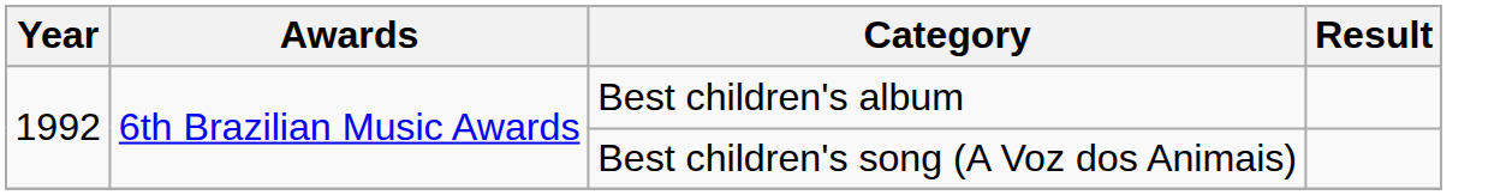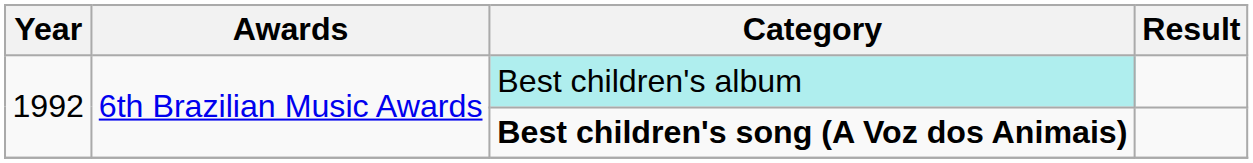 <table class="wikitable">
 <tr>
 <th>Year</th>
 <th>Awards</th>
 <th>Category</th>
 <th>Result</th>
 </tr>
 <tr>
 <td rowspan="2">1992</td>
 <td rowspan="2"><a href='#'>6th Brazilian Music Awards</a></td>
-<td>Best children's album</td>
+<td style="background: paleturquoise;">Best children's album</td>
 <td></td>
 </tr>
 <tr>
-<td>Best children's song (A Voz dos Animais)</td>
+<td><strong>Best children's song (A Voz dos Animais)</strong></td>
 <td></td>
 </tr>
 <tr>
 </tr>
 </table>
